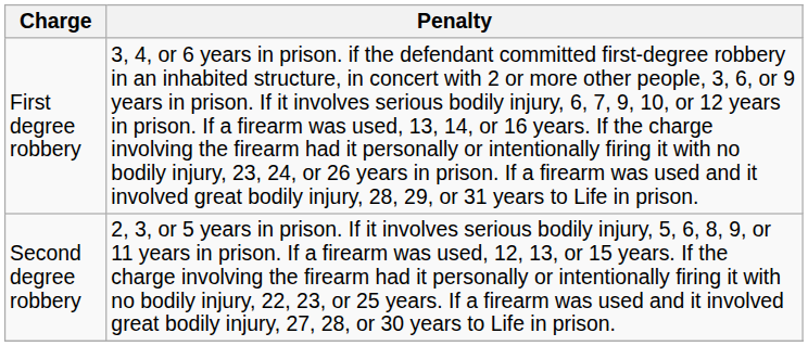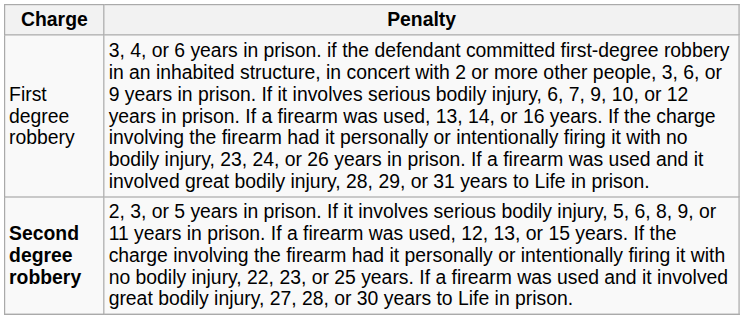 <table class="wikitable">
 <tr>
 <th>Charge</th>
 <th>Penalty</th>
 </tr>
 <tr>
 <td>First degree robbery</td>
 <td>3, 4, or 6 years in prison. if the defendant committed first-degree robbery in an inhabited structure, in concert with 2 or more other people, 3, 6, or 9 years in prison. If it involves serious bodily injury, 6, 7, 9, 10, or 12 years in prison. If a firearm was used, 13, 14, or 16 years. If the charge involving the firearm had it personally or intentionally firing it with no bodily injury, 23, 24, or 26 years in prison. If a firearm was used and it involved great bodily injury, 28, 29, or 31 years to Life in prison.</td>
 </tr>
 <tr>
-<td>Second degree robbery</td>
+<td><strong>Second degree robbery</strong></td>
 <td>2, 3, or 5 years in prison. If it involves serious bodily injury, 5, 6, 8, 9, or 11 years in prison. If a firearm was used, 12, 13, or 15 years. If the charge involving the firearm had it personally or intentionally firing it with no bodily injury, 22, 23, or 25 years. If a firearm was used and it involved great bodily injury, 27, 28, or 30 years to Life in prison.</td>
 </tr>
 <tr>
 </tr>
 </table>
